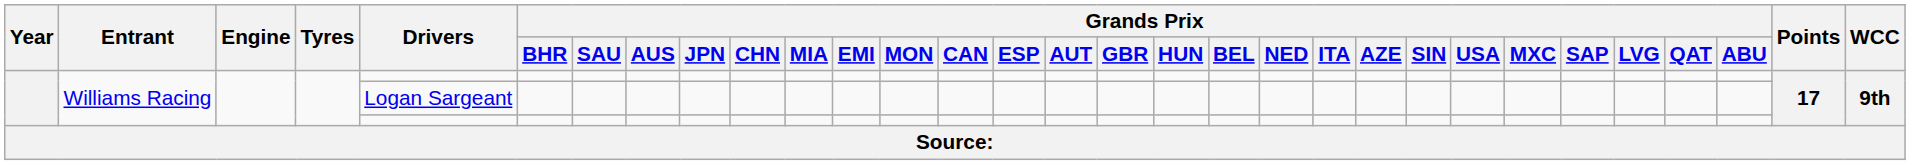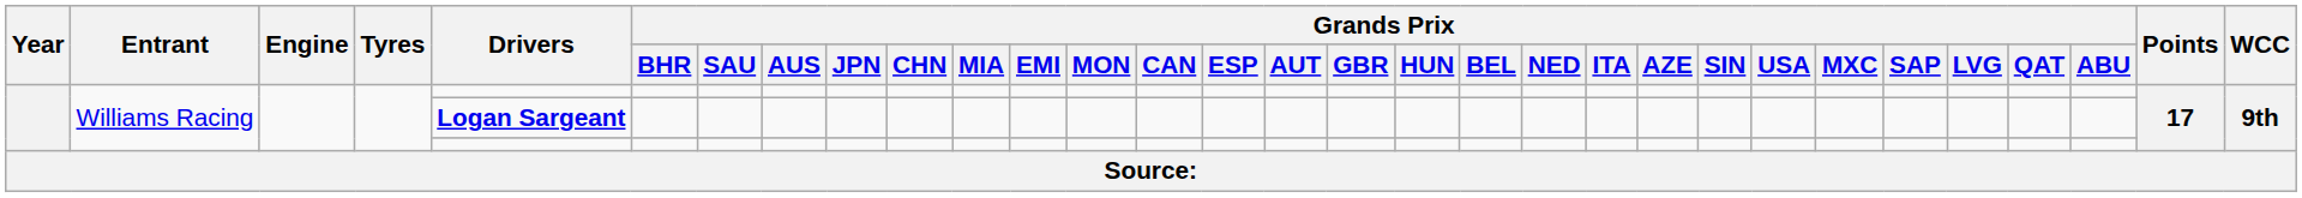 <table class="wikitable" style="text-align:center; font-size:85%">
 <tr>
 <th rowspan="2">Year</th>
 <th rowspan="2">Entrant</th>
 <th rowspan="2">Engine</th>
 <th rowspan="2">Tyres</th>
 <th rowspan="2">Drivers</th>
 <th colspan="24">Grands Prix</th>
 <th rowspan="2">Points</th>
 <th rowspan="2">WCC</th>
 </tr>
 <tr>
 <th><a href='#'>BHR</a></th>
 <th><a href='#'>SAU</a></th>
 <th><a href='#'>AUS</a></th>
 <th><a href='#'>JPN</a></th>
 <th><a href='#'>CHN</a></th>
 <th><a href='#'>MIA</a></th>
 <th><a href='#'>EMI</a></th>
 <th><a href='#'>MON</a></th>
 <th><a href='#'>CAN</a></th>
 <th><a href='#'>ESP</a></th>
 <th><a href='#'>AUT</a></th>
 <th><a href='#'>GBR</a></th>
 <th><a href='#'>HUN</a></th>
 <th><a href='#'>BEL</a></th>
 <th><a href='#'>NED</a></th>
 <th><a href='#'>ITA</a></th>
 <th><a href='#'>AZE</a></th>
 <th><a href='#'>SIN</a></th>
 <th><a href='#'>USA</a></th>
 <th><a href='#'>MXC</a></th>
 <th><a href='#'>SAP</a></th>
 <th><a href='#'>LVG</a></th>
 <th><a href='#'>QAT</a></th>
 <th><a href='#'>ABU</a></th>
 </tr>
 <tr>
 <th rowspan="3"></th>
 <td rowspan="3"><a href='#'>Williams Racing</a></td>
 <td rowspan="3"><br><br></td>
 <td rowspan="3"></td>
 <td align="left"></td>
 <td></td>
 <td></td>
 <td></td>
 <td></td>
 <td></td>
 <td></td>
 <td></td>
 <td></td>
 <td></td>
 <td></td>
 <td></td>
 <td></td>
 <td></td>
 <td></td>
 <td></td>
 <td></td>
 <td></td>
 <td></td>
 <td></td>
 <td></td>
 <td></td>
 <td></td>
 <td></td>
 <td></td>
 <th rowspan="3">17</th>
 <th rowspan="3">9th</th>
 </tr>
 <tr>
-<td align=left> <a href='#'>Logan Sargeant</a></td>
+<td align=left><strong> <a href='#'>Logan Sargeant</a></strong></td>
 <td></td>
 <td></td>
 <td></td>
 <td></td>
 <td></td>
 <td></td>
 <td></td>
 <td></td>
 <td></td>
 <td></td>
 <td></td>
 <td></td>
 <td></td>
 <td></td>
 <td></td>
 <td></td>
 <td></td>
 <td></td>
 <td></td>
 <td></td>
 <td></td>
 <td></td>
 <td></td>
 <td></td>
 </tr>
 <tr>
 <td></td>
 <td></td>
 <td></td>
 <td></td>
 <td></td>
 <td></td>
 <td></td>
 <td></td>
 <td></td>
 <td></td>
 <td></td>
 <td></td>
 <td></td>
 <td></td>
 <td></td>
 <td></td>
 <td></td>
 <td></td>
 <td></td>
 <td></td>
 <td></td>
 <td></td>
 <td></td>
 <td></td>
 <td></td>
 </tr>
 <tr>
 <th colspan="31">Source:</th>
 </tr>
 </table>
